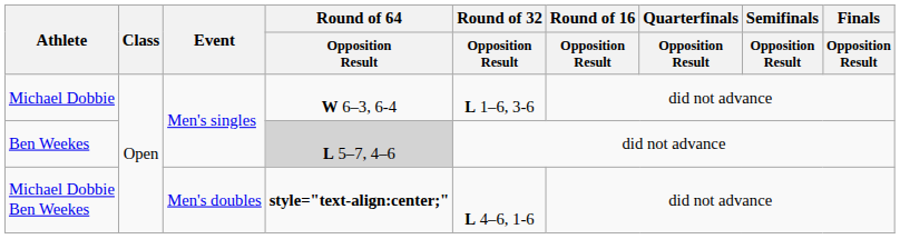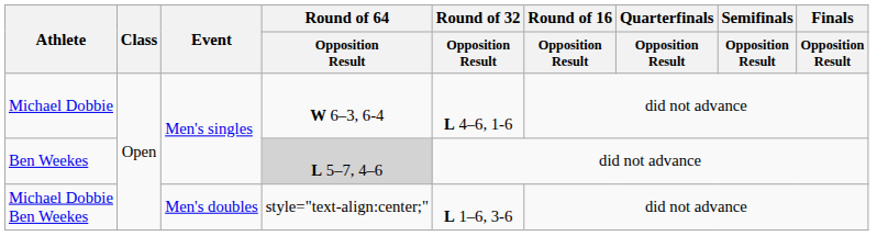 <table class=wikitable style="font-size:90%">
 <tr>
 <th rowspan="2">Athlete</th>
 <th rowspan="2">Class</th>
 <th rowspan="2">Event</th>
 <th>Round of 64</th>
 <th>Round of 32</th>
 <th>Round of 16</th>
 <th>Quarterfinals</th>
 <th>Semifinals</th>
 <th>Finals</th>
 </tr>
 <tr>
 <th style="line-height:1em"><small>Opposition<br>Result</small></th>
 <th style="line-height:1em"><small>Opposition<br>Result</small></th>
 <th style="line-height:1em"><small>Opposition<br>Result</small></th>
 <th style="line-height:1em"><small>Opposition<br>Result</small></th>
 <th style="line-height:1em"><small>Opposition<br>Result</small></th>
 <th style="line-height:1em"><small>Opposition<br>Result</small></th>
 </tr>
 <tr>
 <td><a href='#'>Michael Dobbie</a></td>
 <td rowspan="3" style="text-align:center;">Open</td>
 <td rowspan="2"><a href='#'>Men's singles</a></td>
 <td style="text-align:center;"><br><strong>W</strong> 6–3, 6-4</td>
-<td style="text-align:center;"><br><strong>L</strong> 1–6, 3-6</td>
+<td style="text-align:center;"><br> <br><strong>L</strong> 4–6, 1-6</td>
 <td style="text-align:center;" colspan="4">did not advance</td>
 </tr>
 <tr>
 <td><a href='#'>Ben Weekes</a></td>
 <td style="background: lightgrey; text-align:center;"><br><strong>L</strong> 5–7, 4–6</td>
 <td style="text-align:center;" colspan="5">did not advance</td>
 </tr>
 <tr>
 <td><a href='#'>Michael Dobbie</a><br> <a href='#'>Ben Weekes</a></td>
 <td><a href='#'>Men's doubles</a></td>
-<td><strong>style="text-align:center;" </strong></td>
-<td style="text-align:center;"><br> <br><strong>L</strong> 4–6, 1-6</td>
+<td>style="text-align:center;" </td>
+<td style="text-align:center;"><br><strong>L</strong> 1–6, 3-6</td>
 <td style="text-align:center;" colspan="4">did not advance</td>
 </tr>
 </table>
